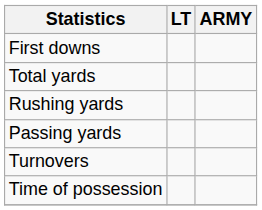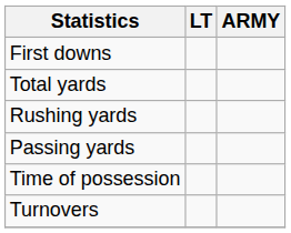 <table class="wikitable" style="float: left;">
 <tr>
 <th>Statistics</th>
 <th>LT</th>
 <th>ARMY</th>
 </tr>
 <tr>
 <td>First downs</td>
 <td></td>
 <td></td>
 </tr>
 <tr>
 <td>Total yards</td>
 <td></td>
 <td></td>
 </tr>
 <tr>
 <td>Rushing yards</td>
 <td></td>
 <td></td>
 </tr>
 <tr>
 <td>Passing yards</td>
 <td></td>
 <td></td>
 </tr>
 <tr>
-<td>Turnovers</td>
+<td>Time of possession</td>
 <td></td>
 <td></td>
 </tr>
 <tr>
-<td>Time of possession</td>
+<td>Turnovers</td>
 <td></td>
 <td></td>
 </tr>
 <tr>
 </tr>
 </table>
